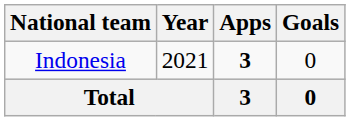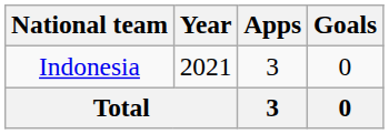 <table class=wikitable style=text-align:center>
 <tr>
 <th>National team</th>
 <th>Year</th>
 <th>Apps</th>
 <th>Goals</th>
 </tr>
 <tr>
 <td><a href='#'>Indonesia</a></td>
 <td>2021</td>
-<td><strong>3</strong></td>
+<td>3</td>
 <td>0</td>
 </tr>
 <tr>
 <th colspan=2>Total</th>
 <th>3</th>
 <th>0</th>
 </tr>
 </table>
